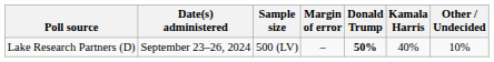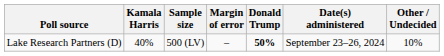 <table class="wikitable sortable mw-datatable" style="font-size:90%;text-align:center;line-height:17px">
 <tr valign=bottom>
 <th>Poll source</th>
-<th>Date(s)<br>administered</th>
+<th class="unsortable">Kamala<br>Harris<br></th>
 <th>Sample<br>size</th>
 <th>Margin<br>of error</th>
 <th class="unsortable">Donald <br>Trump<br></th>
-<th class="unsortable">Kamala<br>Harris<br></th>
+<th>Date(s)<br>administered</th>
 <th class="unsortable">Other /<br>Undecided</th>
 </tr>
 <tr>
 <td style="text-align:left;">Lake Research Partners (D)</td>
-<td data-sort-value="2024-09-26">September 23–26, 2024</td>
+<td>40%</td>
 <td>500 (LV)</td>
 <td>–</td>
 <td style="background-color:"><strong>50%</strong></td>
-<td>40%</td>
+<td data-sort-value="2024-09-26">September 23–26, 2024</td>
 <td>10%</td>
 </tr>
 </table>
